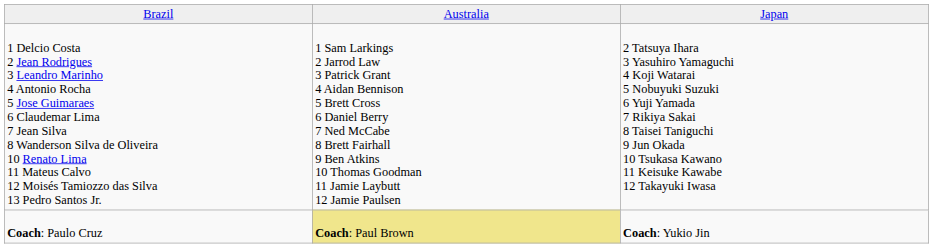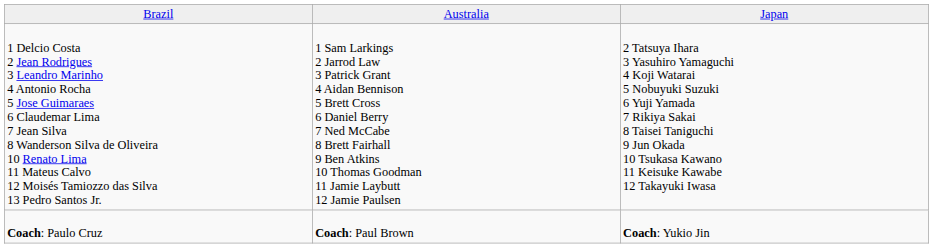 <table class="wikitable mw-collapsible mw-collapsed" cellpadding=5 cellspacing=0 style="width:95%">
 <tr align=center>
 <td bgcolor="#efefef" width="200"> <a href='#'>Brazil</a></td>
 <td bgcolor="#efefef" width="200"> <a href='#'>Australia</a></td>
 <td bgcolor="#efefef" width="200"> <a href='#'>Japan</a></td>
 </tr>
 <tr valign=top>
 <td><br>1 Delcio Costa<br> 2 <a href='#'>Jean Rodrigues</a><br> 3 <a href='#'>Leandro Marinho</a><br> 4 Antonio Rocha<br> 5 <a href='#'>Jose Guimaraes</a><br> 6 Claudemar Lima<br> 7 Jean Silva<br> 8 Wanderson Silva de Oliveira<br> 10 <a href='#'>Renato Lima</a><br> 11 Mateus Calvo<br> 12 Moisés Tamiozzo das Silva<br> 13 Pedro Santos Jr.</td>
 <td><br>1 Sam Larkings<br> 2 Jarrod Law<br> 3 Patrick Grant<br> 4 Aidan Bennison<br> 5 Brett Cross<br> 6 Daniel Berry<br> 7 Ned McCabe<br> 8 Brett Fairhall<br> 9 Ben Atkins<br> 10 Thomas Goodman<br> 11 Jamie Laybutt<br> 12 Jamie Paulsen</td>
 <td><br>2 Tatsuya Ihara<br> 3 Yasuhiro Yamaguchi<br> 4 Koji Watarai<br> 5 Nobuyuki Suzuki<br> 6 Yuji Yamada<br> 7 Rikiya Sakai<br> 8 Taisei Taniguchi<br> 9 Jun Okada<br> 10 Tsukasa Kawano<br> 11 Keisuke Kawabe<br> 12 Takayuki Iwasa</td>
 </tr>
 <tr valign=top>
 <td><br><strong>Coach</strong>: Paulo Cruz</td>
-<td style="background: khaki;"><br><strong>Coach</strong>: Paul Brown</td>
+<td><br><strong>Coach</strong>: Paul Brown</td>
 <td><br><strong>Coach</strong>: Yukio Jin</td>
 </tr>
 </table>
